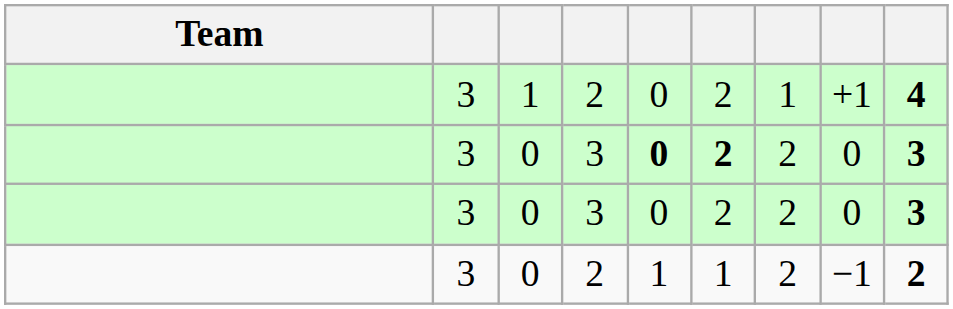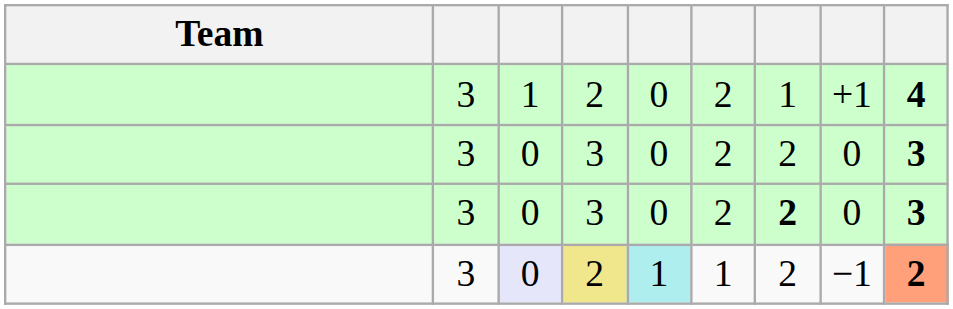 <table class="wikitable" style="text-align:center">
 <tr>
 <th style="width:175px">Team</th>
 <th width="20"></th>
 <th width="20"></th>
 <th width="20"></th>
 <th width="20"></th>
 <th width="20"></th>
 <th width="20"></th>
 <th width="20"></th>
 <th width="20"></th>
 </tr>
 <tr style="background:#cfc">
 <td align="left"></td>
 <td>3</td>
 <td>1</td>
 <td>2</td>
 <td>0</td>
 <td>2</td>
 <td>1</td>
 <td>+1</td>
 <td><strong>4</strong></td>
 </tr>
 <tr style="background:#cfc">
 <td align="left"></td>
 <td>3</td>
 <td>0</td>
 <td>3</td>
-<td><strong>0</strong></td>
-<td><strong>2</strong></td>
+<td>0</td>
+<td>2</td>
 <td>2</td>
 <td>0</td>
 <td><strong>3</strong></td>
 </tr>
 <tr style="background:#cfc">
 <td align="left"></td>
 <td>3</td>
 <td>0</td>
 <td>3</td>
 <td>0</td>
 <td>2</td>
-<td>2</td>
+<td><strong>2</strong></td>
 <td>0</td>
 <td><strong>3</strong></td>
 </tr>
 <tr>
 <td align="left"></td>
 <td>3</td>
-<td>0</td>
-<td>2</td>
-<td>1</td>
+<td style="background: lavender;">0</td>
+<td style="background: khaki;">2</td>
+<td style="background: paleturquoise;">1</td>
 <td>1</td>
 <td>2</td>
 <td>−1</td>
-<td><strong>2</strong></td>
+<td style="background: lightsalmon;"><strong>2</strong></td>
 </tr>
 </table>
